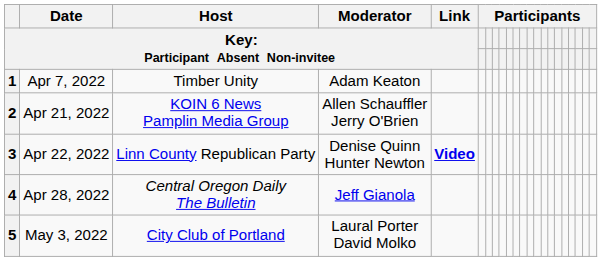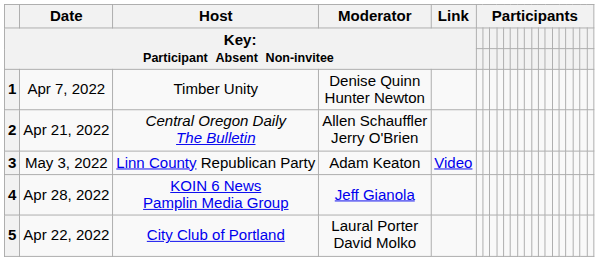 <table class="wikitable" style="text-align:center;">
 <tr>
 <th scope="col"></th>
 <th scope="col">Date</th>
 <th scope="col">Host</th>
 <th scope="col">Moderator</th>
 <th scope="col">Link</th>
 <th colspan="17">Participants</th>
 </tr>
 <tr>
 <th colspan="5" rowspan="2">Key:<br> <small>Participant </small>  <small>Absent </small>  <small>Non-invitee </small></th>
 <th scope="col" style="background:"></th>
 <th scope="col" style="background:"></th>
 <th scope="col" style="background:"></th>
 <th scope="col" style="background:"></th>
 <th scope="col" style="background:"></th>
 <th scope="col" style="background:"></th>
 <th scope="col" style="background:"></th>
 <th scope="col" style="background:"></th>
 <th scope="col" style="background:"></th>
 <th scope="col" style="background:"></th>
 <th scope="col" style="background:"></th>
 <th scope="col" style="background:"></th>
 <th scope="col" style="background:"></th>
 <th scope="col" style="background:"></th>
 <th scope="col" style="background:"></th>
 <th scope="col" style="background:"></th>
 <th scope="col" style="background:"></th>
 </tr>
 <tr>
 <th></th>
 <th></th>
 <th></th>
 <th></th>
 <th></th>
 <th></th>
 <th></th>
 <th></th>
 <th></th>
 <th></th>
 <th></th>
 <th></th>
 <th></th>
 <th></th>
 <th></th>
 <th></th>
 <th></th>
 </tr>
 <tr>
 <th scope="row">1</th>
 <td style="white-space:nowrap;">Apr 7, 2022</td>
 <td>Timber Unity</td>
-<td>Adam Keaton</td>
+<td style="white-space:nowrap;">Denise Quinn<br>Hunter Newton</td>
 <td style="white-space:nowrap;"></td>
 <td></td>
 <td></td>
 <td></td>
 <td></td>
 <td></td>
 <td></td>
 <td></td>
 <td></td>
 <td></td>
 <td></td>
 <td></td>
 <td></td>
 <td></td>
 <td></td>
 <td></td>
 <td></td>
 <td></td>
 </tr>
 <tr>
 <th>2</th>
 <td>Apr 21, 2022</td>
-<td><a href='#'>KOIN 6 News</a><br><a href='#'>Pamplin Media Group</a></td>
+<td><em>Central Oregon Daily</em><br><a href='#'><em>The Bulletin</em></a></td>
 <td>Allen Schauffler<br>Jerry O'Brien</td>
 <td></td>
 <td></td>
 <td></td>
 <td></td>
 <td></td>
 <td></td>
 <td></td>
 <td></td>
 <td></td>
 <td></td>
 <td></td>
 <td></td>
 <td></td>
 <td></td>
 <td></td>
 <td></td>
 <td></td>
 <td></td>
 </tr>
 <tr>
 <th>3</th>
-<td>Apr 22, 2022</td>
+<td>May 3, 2022</td>
 <td><a href='#'>Linn County</a> Republican Party</td>
-<td style="white-space:nowrap;">Denise Quinn<br>Hunter Newton</td>
-<td><strong><a href='#'>Video</a></strong></td>
+<td>Adam Keaton</td>
+<td><a href='#'>Video</a></td>
 <td></td>
 <td></td>
 <td></td>
 <td></td>
 <td></td>
 <td></td>
 <td></td>
 <td></td>
 <td></td>
 <td></td>
 <td></td>
 <td></td>
 <td></td>
 <td></td>
 <td></td>
 <td></td>
 <td></td>
 </tr>
 <tr>
 <th>4</th>
 <td>Apr 28, 2022</td>
-<td><em>Central Oregon Daily</em><br><a href='#'><em>The Bulletin</em></a></td>
+<td><a href='#'>KOIN 6 News</a><br><a href='#'>Pamplin Media Group</a></td>
 <td><a href='#'>Jeff Gianola</a></td>
 <td></td>
 <td></td>
 <td></td>
 <td></td>
 <td></td>
 <td></td>
 <td></td>
 <td></td>
 <td></td>
 <td></td>
 <td></td>
 <td></td>
 <td></td>
 <td></td>
 <td></td>
 <td></td>
 <td></td>
 <td></td>
 </tr>
 <tr>
 <th>5</th>
-<td>May 3, 2022</td>
+<td>Apr 22, 2022</td>
 <td><a href='#'>City Club of Portland</a></td>
 <td>Laural Porter<br>David Molko</td>
 <td></td>
 <td></td>
 <td></td>
 <td></td>
 <td></td>
 <td></td>
 <td></td>
 <td></td>
 <td></td>
 <td></td>
 <td></td>
 <td></td>
 <td></td>
 <td></td>
 <td></td>
 <td></td>
 <td></td>
 <td></td>
 </tr>
 </table>
